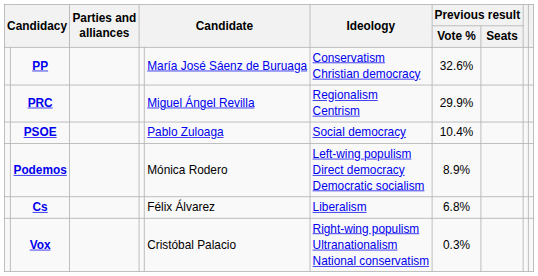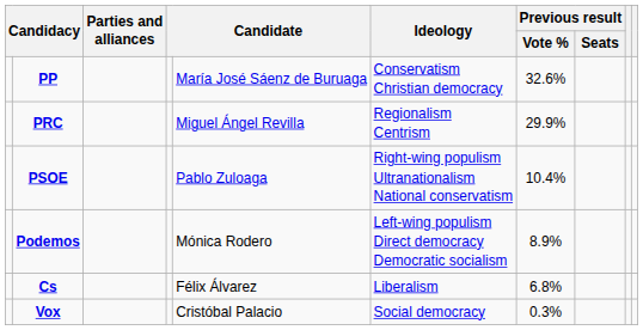 <table class="wikitable" style="line-height:1.35em; text-align:left;">
 <tr>
 <th colspan="2" rowspan="2">Candidacy</th>
 <th rowspan="2">Parties and<br>alliances</th>
 <th colspan="2" rowspan="2">Candidate</th>
 <th rowspan="2">Ideology</th>
 <th colspan="2">Previous result</th>
 <th rowspan="2"></th>
 <th rowspan="2"></th>
 </tr>
 <tr>
 <th>Vote %</th>
 <th>Seats</th>
 </tr>
 <tr>
 <td width="1" style="color:inherit;background:"></td>
 <td align="center"><strong><a href='#'>PP</a></strong></td>
 <td></td>
 <td></td>
 <td><a href='#'>María José Sáenz de Buruaga</a></td>
 <td><a href='#'>Conservatism</a><br><a href='#'>Christian democracy</a></td>
 <td align="center">32.6%</td>
 <td></td>
 <td></td>
 <td><br></td>
 </tr>
 <tr>
 <td style="color:inherit;background:"></td>
 <td align="center"><strong><a href='#'>PRC</a></strong></td>
 <td></td>
 <td></td>
 <td><a href='#'>Miguel Ángel Revilla</a></td>
 <td><a href='#'>Regionalism</a><br><a href='#'>Centrism</a></td>
 <td align="center">29.9%</td>
 <td></td>
 <td></td>
 <td></td>
 </tr>
 <tr>
 <td style="color:inherit;background:"></td>
 <td align="center"><strong><a href='#'>PSOE</a></strong></td>
 <td></td>
 <td></td>
 <td><a href='#'>Pablo Zuloaga</a></td>
-<td><a href='#'>Social democracy</a></td>
+<td><a href='#'>Right-wing populism</a><br><a href='#'>Ultranationalism</a><br><a href='#'>National conservatism</a></td>
 <td align="center">10.4%</td>
 <td></td>
 <td></td>
 <td></td>
 </tr>
 <tr>
 <td style="color:inherit;background:"></td>
 <td align="center"><strong><a href='#'>Podemos</a></strong></td>
 <td></td>
 <td></td>
 <td>Mónica Rodero</td>
 <td><a href='#'>Left-wing populism</a><br><a href='#'>Direct democracy</a><br><a href='#'>Democratic socialism</a></td>
 <td align="center">8.9%</td>
 <td></td>
 <td></td>
 <td><br><br></td>
 </tr>
 <tr>
 <td style="color:inherit;background:"></td>
 <td align="center"><strong><a href='#'>Cs</a></strong></td>
 <td></td>
 <td></td>
 <td>Félix Álvarez</td>
 <td><a href='#'>Liberalism</a></td>
 <td align="center">6.8%</td>
 <td></td>
 <td></td>
 <td><br></td>
 </tr>
 <tr>
 <td style="color:inherit;background:"></td>
 <td align="center"><strong><a href='#'>Vox</a></strong></td>
 <td></td>
 <td></td>
 <td>Cristóbal Palacio</td>
-<td><a href='#'>Right-wing populism</a><br><a href='#'>Ultranationalism</a><br><a href='#'>National conservatism</a></td>
+<td><a href='#'>Social democracy</a></td>
 <td align="center">0.3%</td>
 <td></td>
 <td></td>
 <td></td>
 </tr>
 </table>
